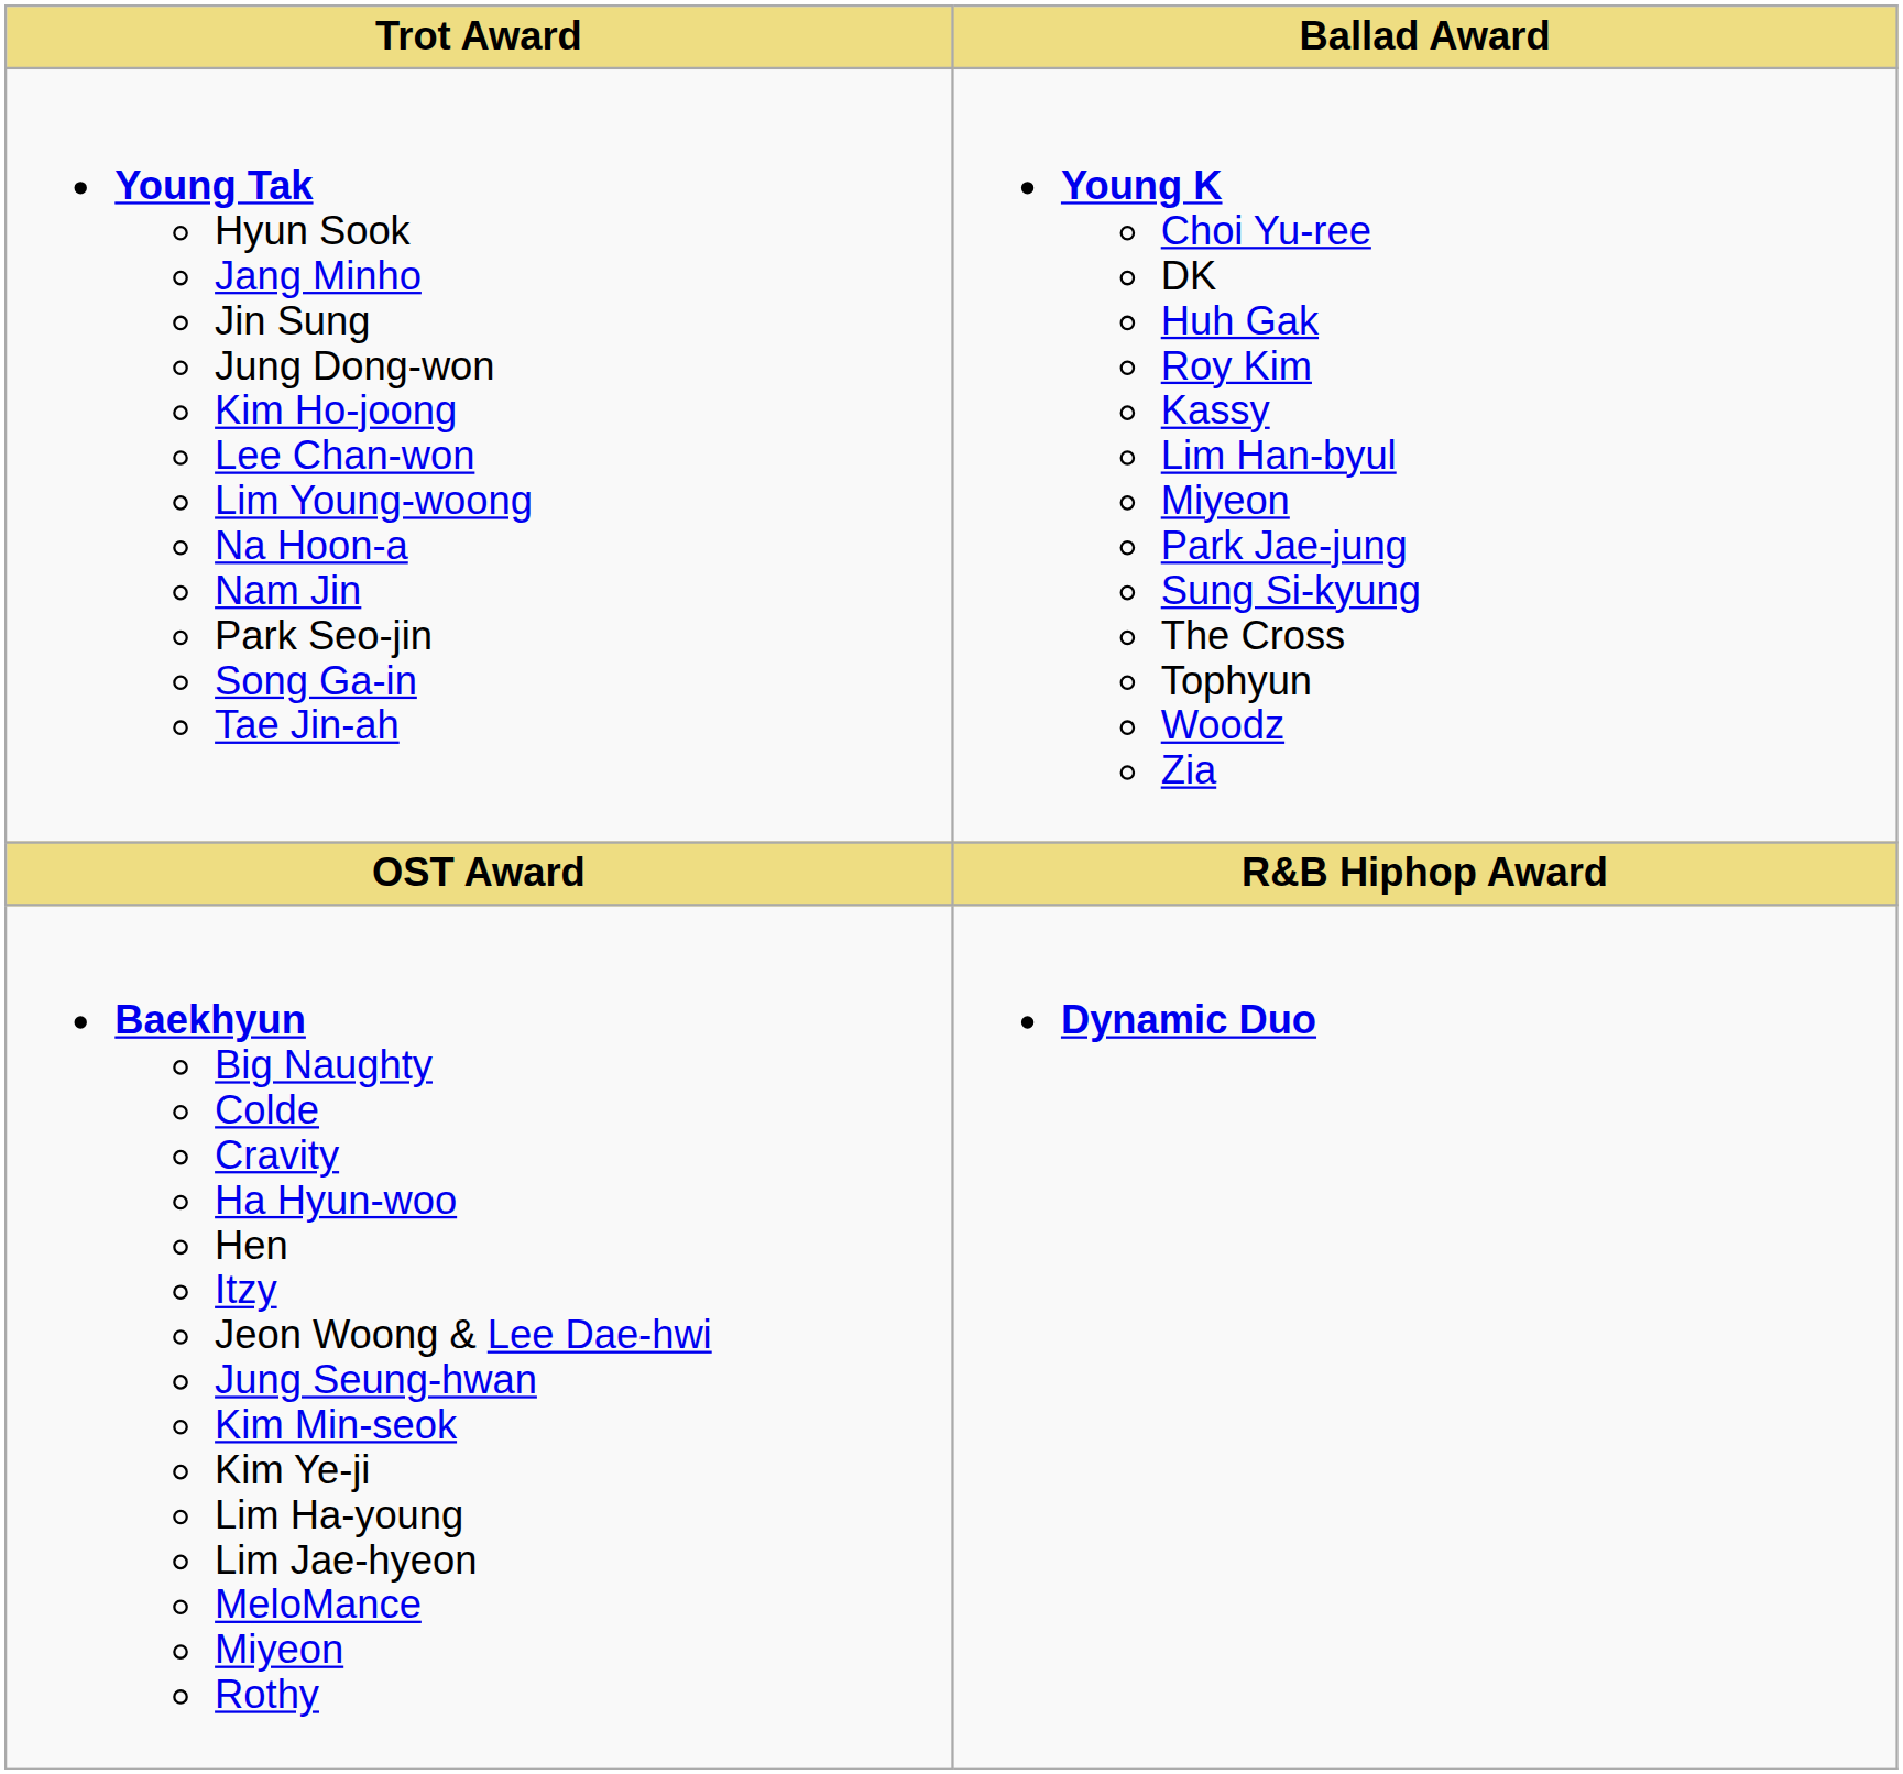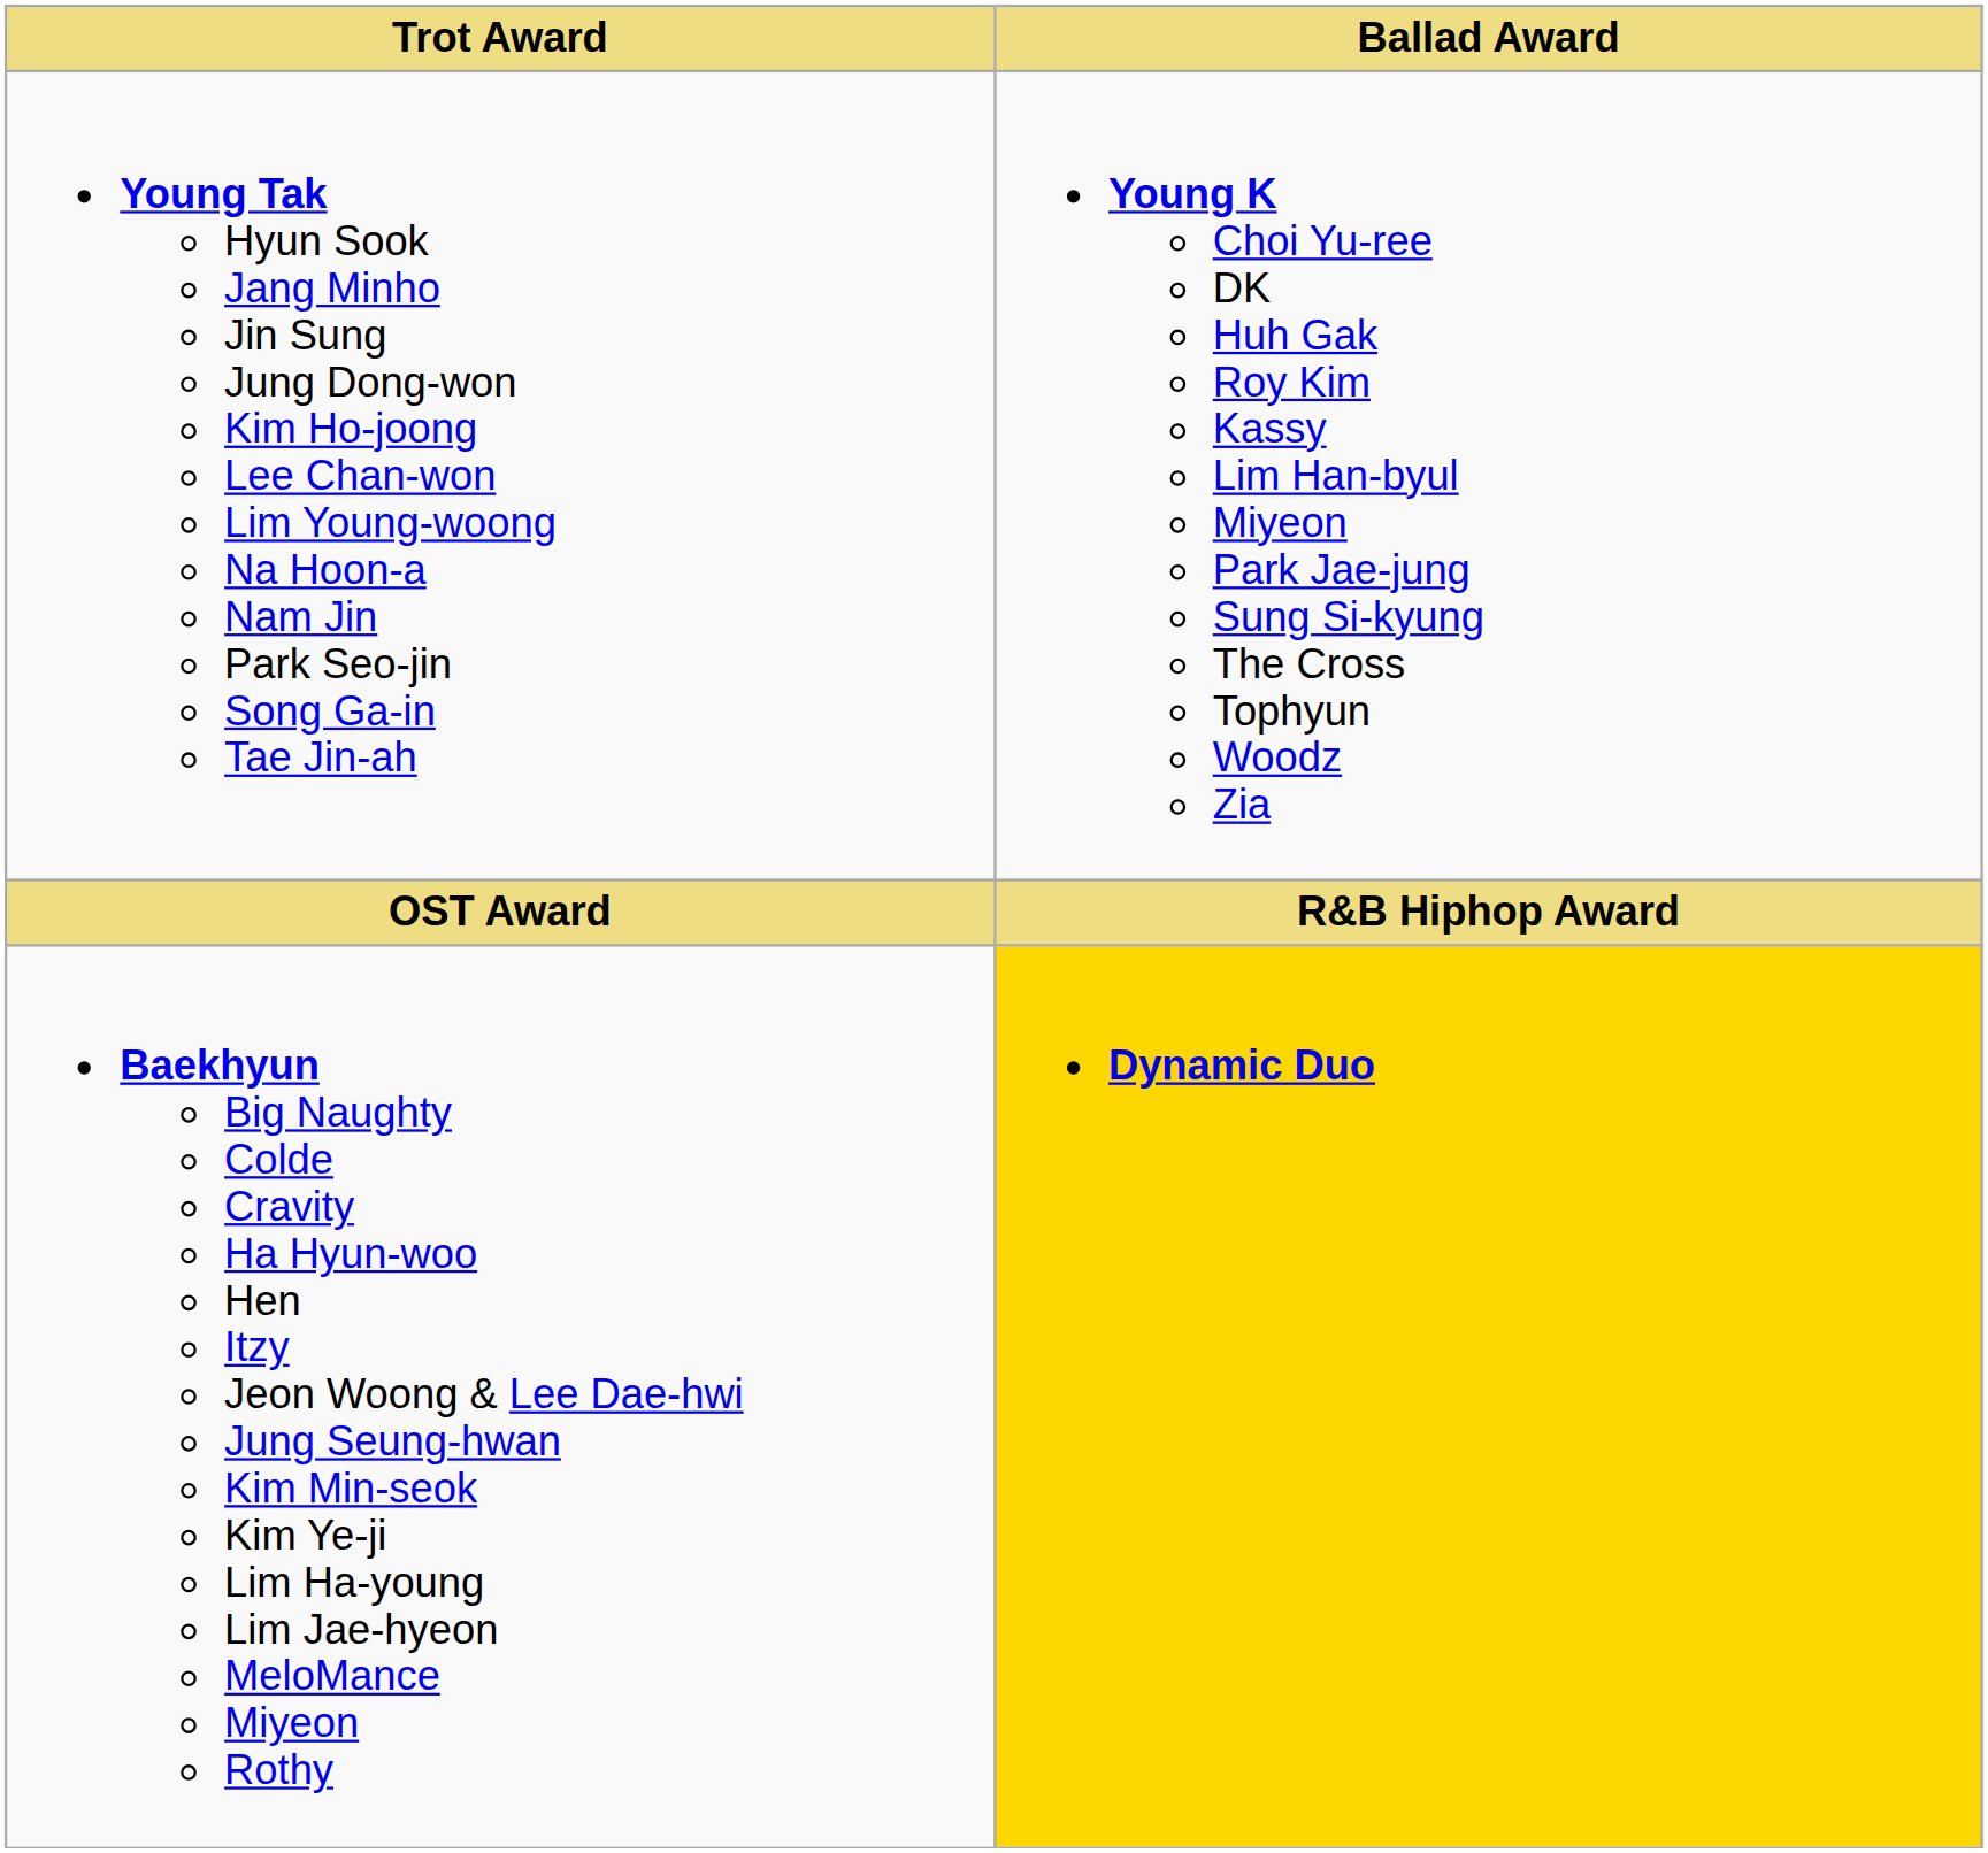 <table class="wikitable" style="width:60%">
 <tr>
 <th scope="col" style="background:#EEDD82; width:30%">Trot Award</th>
 <th scope="col" style="background:#EEDD82; width:30%">Ballad Award</th>
 </tr>
 <tr>
 <td style="vertical-align:top"><br><ul><li><strong><a href='#'>Young Tak</a></strong><ul><li>Hyun Sook</li><li><a href='#'>Jang Minho</a></li><li>Jin Sung</li><li>Jung Dong-won</li><li><a href='#'>Kim Ho-joong</a></li><li><a href='#'>Lee Chan-won</a></li><li><a href='#'>Lim Young-woong</a></li><li><a href='#'>Na Hoon-a</a></li><li><a href='#'>Nam Jin</a></li><li>Park Seo-jin</li><li><a href='#'>Song Ga-in</a></li><li><a href='#'>Tae Jin-ah</a></li></ul></li></ul></td>
 <td style="vertical-align:top"><br><ul><li><strong><a href='#'>Young K</a></strong><ul><li><a href='#'>Choi Yu-ree</a></li><li>DK</li><li><a href='#'>Huh Gak</a></li><li><a href='#'>Roy Kim</a></li><li><a href='#'>Kassy</a></li><li><a href='#'>Lim Han-byul</a></li><li><a href='#'>Miyeon</a></li><li><a href='#'>Park Jae-jung</a></li><li><a href='#'>Sung Si-kyung</a></li><li>The Cross</li><li>Tophyun</li><li><a href='#'>Woodz</a></li><li><a href='#'>Zia</a></li></ul></li></ul></td>
 </tr>
 <tr>
 <th scope="col" style="background:#EEDD82">OST Award</th>
 <th scope="col" style="background:#EEDD82">R&B Hiphop Award</th>
 </tr>
 <tr>
 <td style="vertical-align:top"><br><ul><li><strong><a href='#'>Baekhyun</a></strong><ul><li><a href='#'>Big Naughty</a></li><li><a href='#'>Colde</a></li><li><a href='#'>Cravity</a></li><li><a href='#'>Ha Hyun-woo</a></li><li>Hen</li><li><a href='#'>Itzy</a></li><li>Jeon Woong & <a href='#'>Lee Dae-hwi</a></li><li><a href='#'>Jung Seung-hwan</a></li><li><a href='#'>Kim Min-seok</a></li><li>Kim Ye-ji</li><li>Lim Ha-young</li><li>Lim Jae-hyeon</li><li><a href='#'>MeloMance</a></li><li><a href='#'>Miyeon</a></li><li><a href='#'>Rothy</a></li></ul></li></ul></td>
-<td style="vertical-align:top"><br><ul><li><strong><a href='#'>Dynamic Duo</a></strong></li></ul></td>
+<td style="background: gold; vertical-align:top"><br><ul><li><strong><a href='#'>Dynamic Duo</a></strong></li></ul></td>
 </tr>
 </table>
